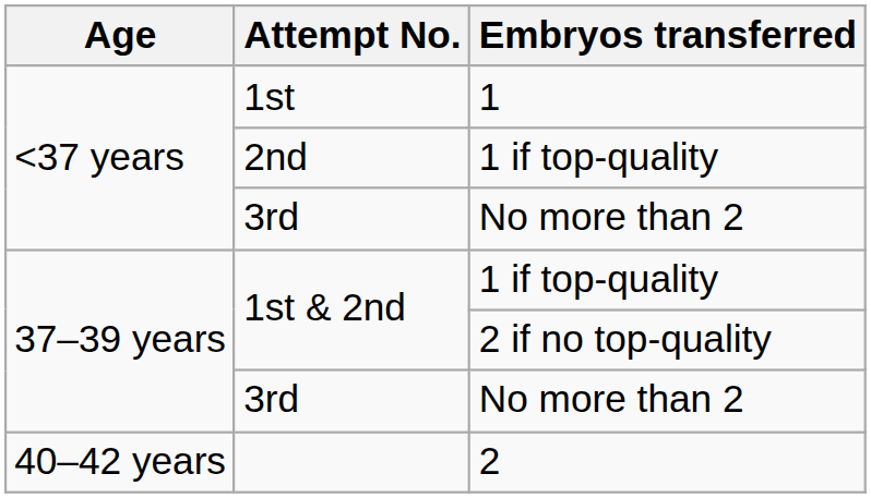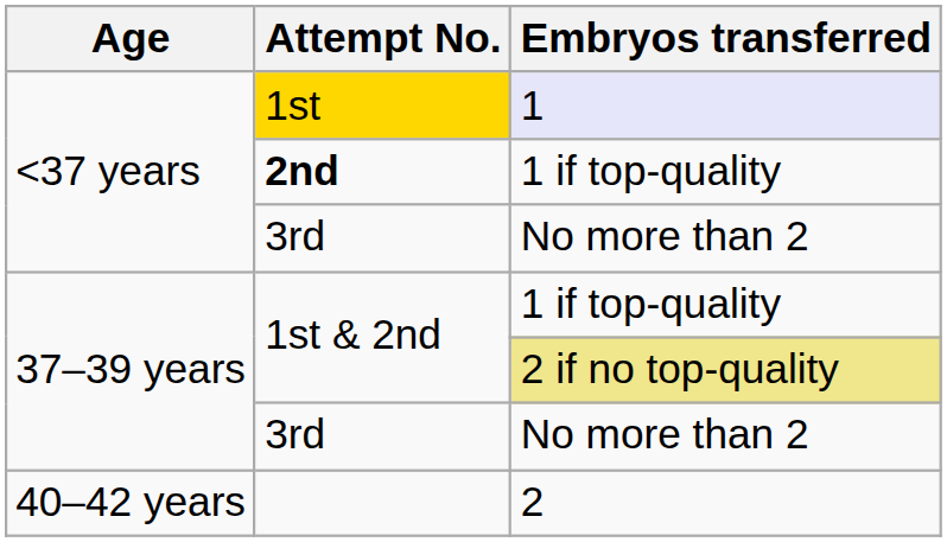 <table class="wikitable">
 <tr>
 <th>Age</th>
 <th>Attempt No.</th>
 <th>Embryos transferred</th>
 </tr>
 <tr>
 <td rowspan=3><37 years</td>
-<td>1st</td>
-<td>1</td>
+<td style="background: gold;">1st</td>
+<td style="background: lavender;">1</td>
 </tr>
 <tr>
-<td>2nd</td>
+<td><strong>2nd</strong></td>
 <td>1 if top-quality</td>
 </tr>
 <tr>
 <td>3rd</td>
 <td>No more than 2</td>
 </tr>
 <tr>
 <td rowspan=3>37–39 years</td>
 <td rowspan=2>1st & 2nd</td>
 <td>1 if top-quality</td>
 </tr>
 <tr>
-<td>2 if no top-quality</td>
+<td style="background: khaki;">2 if no top-quality</td>
 </tr>
 <tr>
 <td>3rd</td>
 <td>No more than 2</td>
 </tr>
 <tr>
 <td>40–42 years</td>
 <td></td>
 <td>2</td>
 </tr>
 </table>
